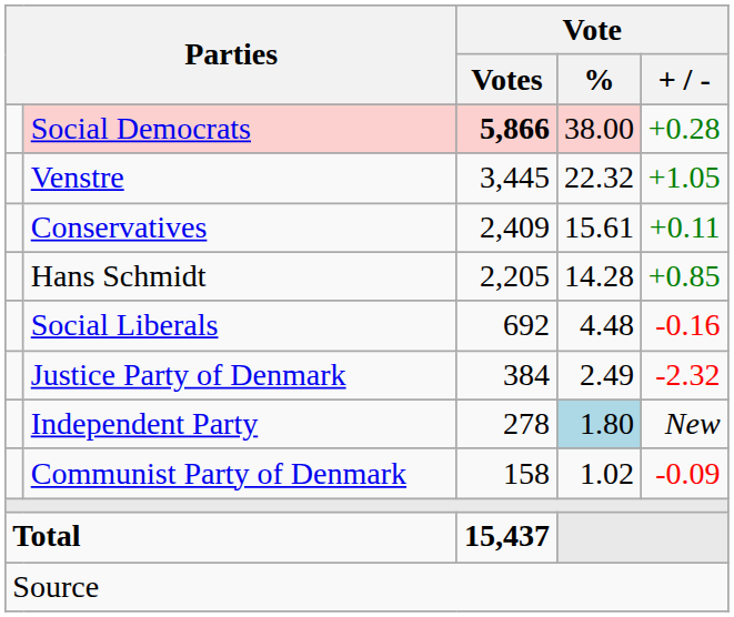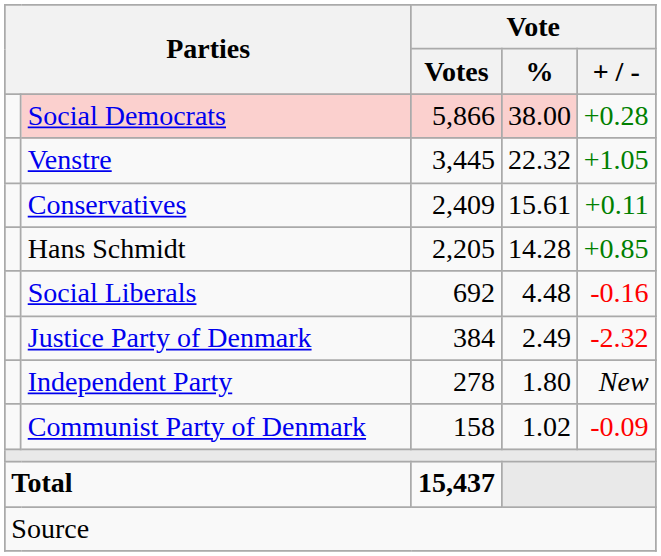 <table class="wikitable" style="text-align:right;">
 <tr>
 <th style="text-align:centre;" rowspan="2" colspan="2" width="225">Parties</th>
 <th colspan="3">Vote</th>
 </tr>
 <tr>
 <th width="15">Votes</th>
 <th width="15">%</th>
 <th width="15">+ / -</th>
 </tr>
 <tr>
 <td width="2" style="color:inherit;background:"></td>
 <td bgcolor=#fbd0ce  align="left"><a href='#'>Social Democrats</a></td>
-<td bgcolor=#fbd0ce><strong>5,866</strong></td>
+<td bgcolor=#fbd0ce>5,866</td>
 <td bgcolor=#fbd0ce>38.00</td>
 <td style=color:green;>+0.28</td>
 </tr>
 <tr>
 <td width="2" style="color:inherit;background:"></td>
 <td align="left"><a href='#'>Venstre</a></td>
 <td>3,445</td>
 <td>22.32</td>
 <td style=color:green;>+1.05</td>
 </tr>
 <tr>
 <td width="2" style="color:inherit;background:"></td>
 <td align="left"><a href='#'>Conservatives</a></td>
 <td>2,409</td>
 <td>15.61</td>
 <td style=color:green;>+0.11</td>
 </tr>
 <tr>
 <td width="2" style="color:inherit;background:"></td>
 <td align="left">Hans Schmidt</td>
 <td>2,205</td>
 <td>14.28</td>
 <td style=color:green;>+0.85</td>
 </tr>
 <tr>
 <td width="2" style="color:inherit;background:"></td>
 <td align="left"><a href='#'>Social Liberals</a></td>
 <td>692</td>
 <td>4.48</td>
 <td style=color:red;>-0.16</td>
 </tr>
 <tr>
 <td width="2" style="color:inherit;background:"></td>
 <td align="left"><a href='#'>Justice Party of Denmark</a></td>
 <td>384</td>
 <td>2.49</td>
 <td style=color:red;>-2.32</td>
 </tr>
 <tr>
 <td width="2" style="color:inherit;background:"></td>
 <td align="left"><a href='#'>Independent Party</a></td>
 <td>278</td>
-<td style="background: lightblue;">1.80</td>
+<td>1.80</td>
 <td><em>New</em></td>
 </tr>
 <tr>
 <td width="2" style="color:inherit;background:"></td>
 <td align="left"><a href='#'>Communist Party of Denmark</a></td>
 <td>158</td>
 <td>1.02</td>
 <td style=color:red;>-0.09</td>
 </tr>
 <tr>
 <td colspan="7" bgcolor="#E9E9E9"></td>
 </tr>
 <tr>
 <td align="left" colspan="2"><strong>Total</strong></td>
 <td><strong>15,437</strong></td>
 <td bgcolor="#E9E9E9" colspan="2"></td>
 </tr>
 <tr>
 <td align="left" colspan="6">Source</td>
 </tr>
 </table>
